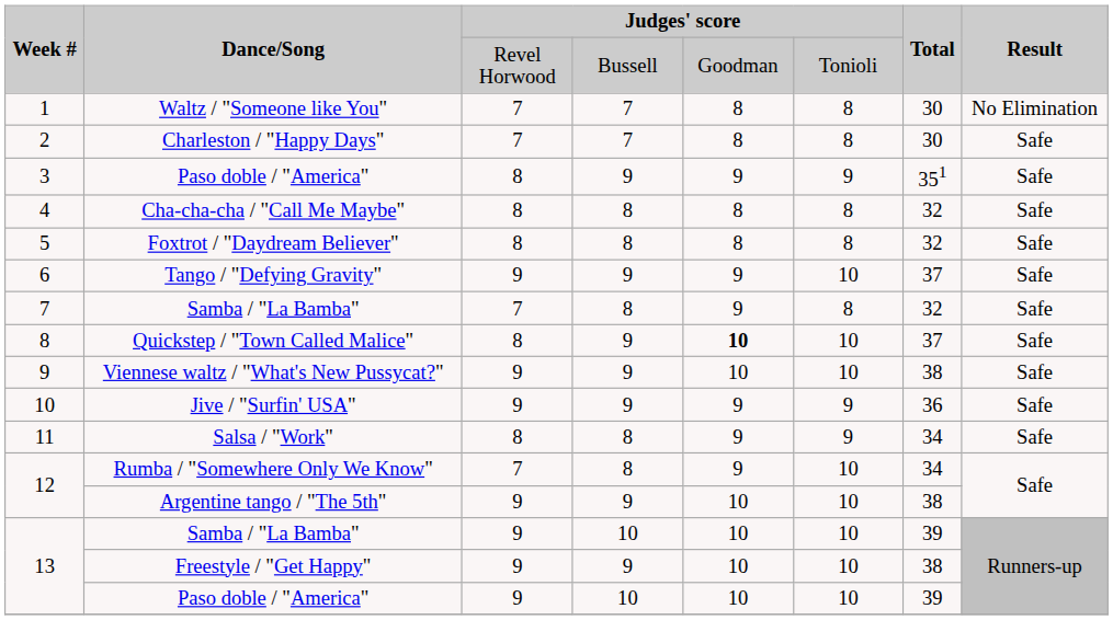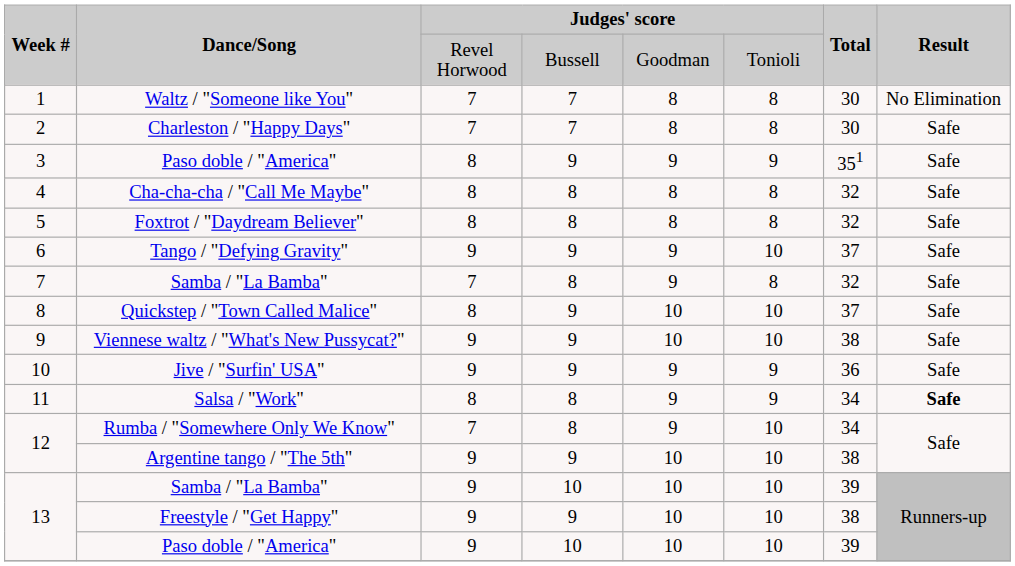 <table class="wikitable sortable" style="float:left;">
 <tr>
 <td rowspan="2" bgcolor="#CCCCCC" align="Center"><strong>Week #</strong></td>
 <td rowspan="2" bgcolor="#CCCCCC" align="Center"><strong>Dance/Song</strong></td>
 <td colspan="4" bgcolor="#CCCCCC" align="Center"><strong>Judges' score</strong></td>
 <td rowspan="2" bgcolor="#CCCCCC" align="Center"><strong>Total</strong></td>
 <td rowspan="2" bgcolor="#CCCCCC" align="Center"><strong>Result</strong></td>
 </tr>
 <tr>
 <td bgcolor="#CCCCCC" width="10%" align="center">Revel Horwood</td>
 <td bgcolor="#CCCCCC" width="10%" align="center">Bussell</td>
 <td bgcolor="#CCCCCC" width="10%" align="center">Goodman</td>
 <td bgcolor="#CCCCCC" width="10%" align="center">Tonioli</td>
 </tr>
 <tr align="center" bgcolor="#FAF6F6">
 <td>1</td>
 <td><a href='#'>Waltz</a> / "<a href='#'>Someone like You</a>"</td>
 <td>7</td>
 <td>7</td>
 <td>8</td>
 <td>8</td>
 <td>30</td>
 <td>No Elimination</td>
 </tr>
 <tr align="center" bgcolor="#FAF6F6">
 <td>2</td>
 <td><a href='#'>Charleston</a> / "<a href='#'>Happy Days</a>"</td>
 <td>7</td>
 <td>7</td>
 <td>8</td>
 <td>8</td>
 <td>30</td>
 <td>Safe</td>
 </tr>
 <tr align="center" bgcolor="#FAF6F6">
 <td>3</td>
 <td><a href='#'>Paso doble</a> / "<a href='#'>America</a>"</td>
 <td>8</td>
 <td>9</td>
 <td>9</td>
 <td>9</td>
 <td>35<sup>1</sup></td>
 <td>Safe</td>
 </tr>
 <tr align="center" bgcolor="#FAF6F6">
 <td>4</td>
 <td><a href='#'>Cha-cha-cha</a> / "<a href='#'>Call Me Maybe</a>"</td>
 <td>8</td>
 <td>8</td>
 <td>8</td>
 <td>8</td>
 <td>32</td>
 <td>Safe</td>
 </tr>
 <tr align="center" bgcolor="#FAF6F6">
 <td>5</td>
 <td><a href='#'>Foxtrot</a> / "<a href='#'>Daydream Believer</a>"</td>
 <td>8</td>
 <td>8</td>
 <td>8</td>
 <td>8</td>
 <td>32</td>
 <td>Safe</td>
 </tr>
 <tr align="center" bgcolor="#FAF6F6">
 <td>6</td>
 <td><a href='#'>Tango</a> / "<a href='#'>Defying Gravity</a>"</td>
 <td>9</td>
 <td>9</td>
 <td>9</td>
 <td>10</td>
 <td>37</td>
 <td>Safe</td>
 </tr>
 <tr align="center" bgcolor="#FAF6F6">
 <td>7</td>
 <td><a href='#'>Samba</a> / "<a href='#'>La Bamba</a>"</td>
 <td>7</td>
 <td>8</td>
 <td>9</td>
 <td>8</td>
 <td>32</td>
 <td>Safe</td>
 </tr>
 <tr align="center" bgcolor="#FAF6F6">
 <td>8</td>
 <td><a href='#'>Quickstep</a> / "<a href='#'>Town Called Malice</a>"</td>
 <td>8</td>
 <td>9</td>
-<td><strong>10</strong></td>
+<td>10</td>
 <td>10</td>
 <td>37</td>
 <td>Safe</td>
 </tr>
 <tr align="center" bgcolor="#FAF6F6">
 <td>9</td>
 <td><a href='#'>Viennese waltz</a> / "<a href='#'>What's New Pussycat?</a>"</td>
 <td>9</td>
 <td>9</td>
 <td>10</td>
 <td>10</td>
 <td>38</td>
 <td>Safe</td>
 </tr>
 <tr align="center" bgcolor="#FAF6F6">
 <td>10</td>
 <td><a href='#'>Jive</a> / "<a href='#'>Surfin' USA</a>"</td>
 <td>9</td>
 <td>9</td>
 <td>9</td>
 <td>9</td>
 <td>36</td>
 <td>Safe</td>
 </tr>
 <tr align="center" bgcolor="#FAF6F6">
 <td>11</td>
 <td><a href='#'>Salsa</a> / "<a href='#'>Work</a>"</td>
 <td>8</td>
 <td>8</td>
 <td>9</td>
 <td>9</td>
 <td>34</td>
-<td>Safe</td>
+<td><strong>Safe</strong></td>
 </tr>
 <tr align="center" bgcolor="#FAF6F6">
 <td rowspan=2>12</td>
 <td><a href='#'>Rumba</a> / "<a href='#'>Somewhere Only We Know</a>"</td>
 <td>7</td>
 <td>8</td>
 <td>9</td>
 <td>10</td>
 <td>34</td>
 <td rowspan=2>Safe</td>
 </tr>
 <tr align="center" bgcolor="#FAF6F6">
 <td><a href='#'>Argentine tango</a> / "<a href='#'>The 5th</a>"</td>
 <td>9</td>
 <td>9</td>
 <td>10</td>
 <td>10</td>
 <td>38</td>
 </tr>
 <tr align="center" bgcolor="#FAF6F6">
 <td rowspan=3>13</td>
 <td><a href='#'>Samba</a> / "<a href='#'>La Bamba</a>"</td>
 <td>9</td>
 <td>10</td>
 <td>10</td>
 <td>10</td>
 <td>39</td>
 <td rowspan="3" bgcolor="silver">Runners-up</td>
 </tr>
 <tr align="center" bgcolor="#FAF6F6">
 <td><a href='#'>Freestyle</a> / "<a href='#'>Get Happy</a>"</td>
 <td>9</td>
 <td>9</td>
 <td>10</td>
 <td>10</td>
 <td>38</td>
 </tr>
 <tr align="center" bgcolor="#FAF6F6">
 <td><a href='#'>Paso doble</a> / "<a href='#'>America</a>"</td>
 <td>9</td>
 <td>10</td>
 <td>10</td>
 <td>10</td>
 <td>39</td>
 </tr>
 <tr align="center" bgcolor="#FAF6F6">
 </tr>
 </table>
